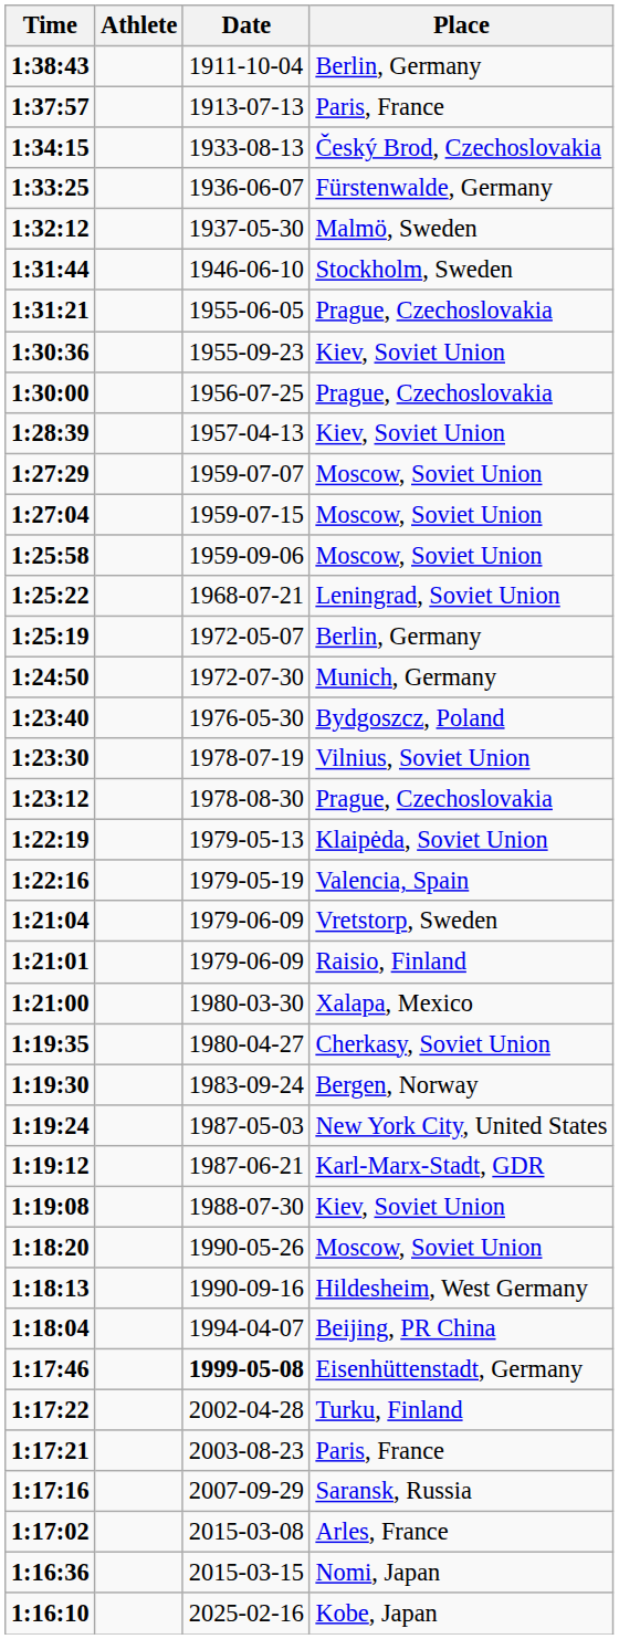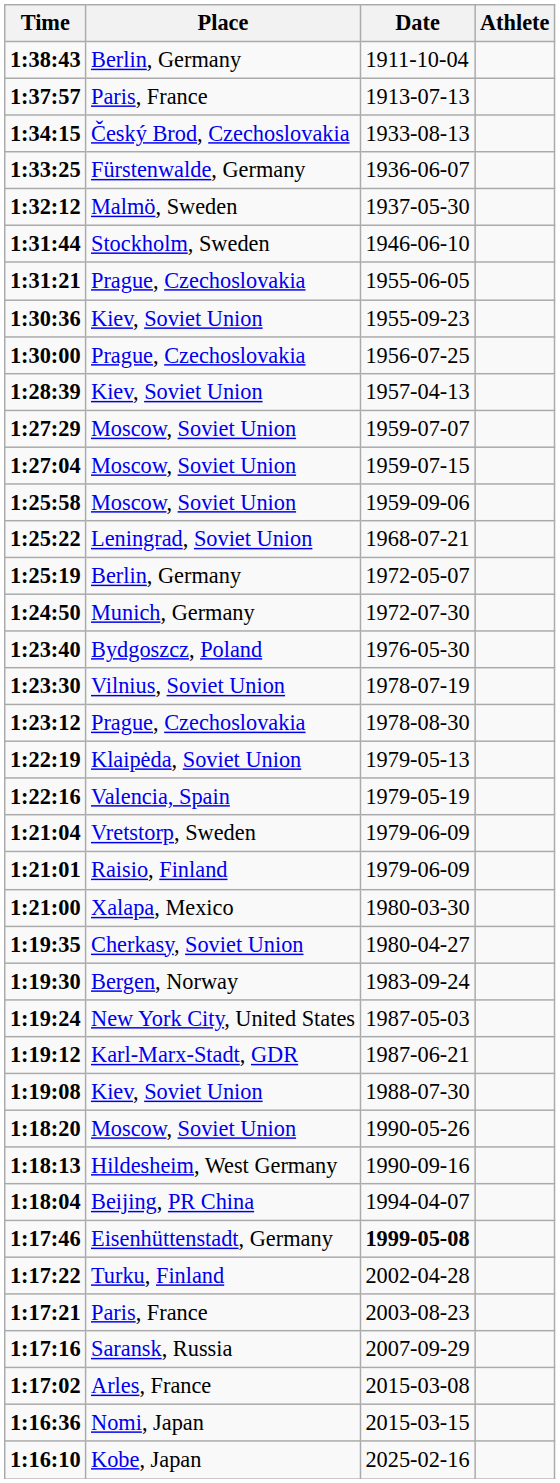 <table class="wikitable sortable" style="font-size:95%">
 <tr>
 <th>Time</th>
+<th>Place</th>
+<th>Date</th>
 <th>Athlete</th>
-<th>Date</th>
-<th>Place</th>
 </tr>
 <tr>
 <td align=center><strong>1:38:43</strong></td>
+<td><a href='#'>Berlin</a>, Germany</td>
+<td>1911-10-04</td>
 <td></td>
-<td>1911-10-04</td>
-<td><a href='#'>Berlin</a>, Germany</td>
 </tr>
 <tr>
 <td align=center><strong>1:37:57</strong></td>
+<td><a href='#'>Paris</a>, France</td>
+<td>1913-07-13</td>
 <td></td>
-<td>1913-07-13</td>
-<td><a href='#'>Paris</a>, France</td>
 </tr>
 <tr>
 <td align=center><strong>1:34:15</strong></td>
+<td><a href='#'>Český Brod</a>, <a href='#'>Czechoslovakia</a></td>
+<td>1933-08-13</td>
 <td></td>
-<td>1933-08-13</td>
-<td><a href='#'>Český Brod</a>, <a href='#'>Czechoslovakia</a></td>
 </tr>
 <tr>
 <td align=center><strong>1:33:25</strong></td>
+<td><a href='#'>Fürstenwalde</a>, Germany</td>
+<td>1936-06-07</td>
 <td></td>
-<td>1936-06-07</td>
-<td><a href='#'>Fürstenwalde</a>, Germany</td>
 </tr>
 <tr>
 <td align=center><strong>1:32:12</strong></td>
+<td><a href='#'>Malmö</a>, Sweden</td>
+<td>1937-05-30</td>
 <td></td>
-<td>1937-05-30</td>
-<td><a href='#'>Malmö</a>, Sweden</td>
 </tr>
 <tr>
 <td align=center><strong>1:31:44</strong></td>
+<td><a href='#'>Stockholm</a>, Sweden</td>
+<td>1946-06-10</td>
 <td></td>
-<td>1946-06-10</td>
-<td><a href='#'>Stockholm</a>, Sweden</td>
 </tr>
 <tr>
 <td align=center><strong>1:31:21</strong></td>
+<td><a href='#'>Prague</a>, <a href='#'>Czechoslovakia</a></td>
+<td>1955-06-05</td>
 <td></td>
-<td>1955-06-05</td>
-<td><a href='#'>Prague</a>, <a href='#'>Czechoslovakia</a></td>
 </tr>
 <tr>
 <td align=center><strong>1:30:36</strong></td>
+<td><a href='#'>Kiev</a>, <a href='#'>Soviet Union</a></td>
+<td>1955-09-23</td>
 <td></td>
-<td>1955-09-23</td>
-<td><a href='#'>Kiev</a>, <a href='#'>Soviet Union</a></td>
 </tr>
 <tr>
 <td align=center><strong>1:30:00</strong></td>
+<td><a href='#'>Prague</a>, <a href='#'>Czechoslovakia</a></td>
+<td>1956-07-25</td>
 <td></td>
-<td>1956-07-25</td>
-<td><a href='#'>Prague</a>, <a href='#'>Czechoslovakia</a></td>
 </tr>
 <tr>
 <td align=center><strong>1:28:39</strong></td>
+<td><a href='#'>Kiev</a>, <a href='#'>Soviet Union</a></td>
+<td>1957-04-13</td>
 <td></td>
-<td>1957-04-13</td>
-<td><a href='#'>Kiev</a>, <a href='#'>Soviet Union</a></td>
 </tr>
 <tr>
 <td align=center><strong>1:27:29</strong></td>
+<td><a href='#'>Moscow</a>, <a href='#'>Soviet Union</a></td>
+<td>1959-07-07</td>
 <td></td>
-<td>1959-07-07</td>
-<td><a href='#'>Moscow</a>, <a href='#'>Soviet Union</a></td>
 </tr>
 <tr>
 <td align=center><strong>1:27:04</strong></td>
+<td><a href='#'>Moscow</a>, <a href='#'>Soviet Union</a></td>
+<td>1959-07-15</td>
 <td></td>
-<td>1959-07-15</td>
-<td><a href='#'>Moscow</a>, <a href='#'>Soviet Union</a></td>
 </tr>
 <tr>
 <td align=center><strong>1:25:58</strong></td>
+<td><a href='#'>Moscow</a>, <a href='#'>Soviet Union</a></td>
+<td>1959-09-06</td>
 <td></td>
-<td>1959-09-06</td>
-<td><a href='#'>Moscow</a>, <a href='#'>Soviet Union</a></td>
 </tr>
 <tr>
 <td align=center><strong>1:25:22</strong></td>
+<td><a href='#'>Leningrad</a>, <a href='#'>Soviet Union</a></td>
+<td>1968-07-21</td>
 <td></td>
-<td>1968-07-21</td>
-<td><a href='#'>Leningrad</a>, <a href='#'>Soviet Union</a></td>
 </tr>
 <tr>
 <td align=center><strong>1:25:19</strong></td>
+<td><a href='#'>Berlin</a>, Germany</td>
+<td>1972-05-07</td>
 <td></td>
-<td>1972-05-07</td>
-<td><a href='#'>Berlin</a>, Germany</td>
 </tr>
 <tr>
 <td align=center><strong>1:24:50</strong></td>
+<td><a href='#'>Munich</a>, Germany</td>
+<td>1972-07-30</td>
 <td></td>
-<td>1972-07-30</td>
-<td><a href='#'>Munich</a>, Germany</td>
 </tr>
 <tr>
 <td align=center><strong>1:23:40</strong></td>
+<td><a href='#'>Bydgoszcz</a>, <a href='#'>Poland</a></td>
+<td>1976-05-30</td>
 <td></td>
-<td>1976-05-30</td>
-<td><a href='#'>Bydgoszcz</a>, <a href='#'>Poland</a></td>
 </tr>
 <tr>
 <td align=center><strong>1:23:30</strong></td>
+<td><a href='#'>Vilnius</a>, <a href='#'>Soviet Union</a></td>
+<td>1978-07-19</td>
 <td></td>
-<td>1978-07-19</td>
-<td><a href='#'>Vilnius</a>, <a href='#'>Soviet Union</a></td>
 </tr>
 <tr>
 <td align=center><strong>1:23:12</strong></td>
+<td><a href='#'>Prague</a>, <a href='#'>Czechoslovakia</a></td>
+<td>1978-08-30</td>
 <td></td>
-<td>1978-08-30</td>
-<td><a href='#'>Prague</a>, <a href='#'>Czechoslovakia</a></td>
 </tr>
 <tr>
 <td align=center><strong>1:22:19</strong></td>
+<td><a href='#'>Klaipėda</a>, <a href='#'>Soviet Union</a></td>
+<td>1979-05-13</td>
 <td></td>
-<td>1979-05-13</td>
-<td><a href='#'>Klaipėda</a>, <a href='#'>Soviet Union</a></td>
 </tr>
 <tr>
 <td align=center><strong>1:22:16</strong></td>
+<td><a href='#'>Valencia, Spain</a></td>
+<td>1979-05-19</td>
 <td></td>
-<td>1979-05-19</td>
-<td><a href='#'>Valencia, Spain</a></td>
 </tr>
 <tr>
 <td align=center><strong>1:21:04</strong></td>
+<td><a href='#'>Vretstorp</a>, Sweden</td>
+<td>1979-06-09</td>
 <td></td>
-<td>1979-06-09</td>
-<td><a href='#'>Vretstorp</a>, Sweden</td>
 </tr>
 <tr>
 <td align=center><strong>1:21:01</strong></td>
+<td><a href='#'>Raisio</a>, <a href='#'>Finland</a></td>
+<td>1979-06-09</td>
 <td></td>
-<td>1979-06-09</td>
-<td><a href='#'>Raisio</a>, <a href='#'>Finland</a></td>
 </tr>
 <tr>
 <td align=center><strong>1:21:00</strong></td>
+<td><a href='#'>Xalapa</a>, Mexico</td>
+<td>1980-03-30</td>
 <td></td>
-<td>1980-03-30</td>
-<td><a href='#'>Xalapa</a>, Mexico</td>
 </tr>
 <tr>
 <td align=center><strong>1:19:35</strong></td>
+<td><a href='#'>Cherkasy</a>, <a href='#'>Soviet Union</a></td>
+<td>1980-04-27</td>
 <td></td>
-<td>1980-04-27</td>
-<td><a href='#'>Cherkasy</a>, <a href='#'>Soviet Union</a></td>
 </tr>
 <tr>
 <td align=center><strong>1:19:30</strong></td>
+<td><a href='#'>Bergen</a>, Norway</td>
+<td>1983-09-24</td>
 <td></td>
-<td>1983-09-24</td>
-<td><a href='#'>Bergen</a>, Norway</td>
 </tr>
 <tr>
 <td align=center><strong>1:19:24</strong></td>
+<td><a href='#'>New York City</a>, United States</td>
+<td>1987-05-03</td>
 <td></td>
-<td>1987-05-03</td>
-<td><a href='#'>New York City</a>, United States</td>
 </tr>
 <tr>
 <td align=center><strong>1:19:12</strong></td>
+<td><a href='#'>Karl-Marx-Stadt</a>, <a href='#'>GDR</a></td>
+<td>1987-06-21</td>
 <td></td>
-<td>1987-06-21</td>
-<td><a href='#'>Karl-Marx-Stadt</a>, <a href='#'>GDR</a></td>
 </tr>
 <tr>
 <td align=center><strong>1:19:08</strong></td>
+<td><a href='#'>Kiev</a>, <a href='#'>Soviet Union</a></td>
+<td>1988-07-30</td>
 <td></td>
-<td>1988-07-30</td>
-<td><a href='#'>Kiev</a>, <a href='#'>Soviet Union</a></td>
 </tr>
 <tr>
 <td align=center><strong>1:18:20</strong></td>
+<td><a href='#'>Moscow</a>, <a href='#'>Soviet Union</a></td>
+<td>1990-05-26</td>
 <td></td>
-<td>1990-05-26</td>
-<td><a href='#'>Moscow</a>, <a href='#'>Soviet Union</a></td>
 </tr>
 <tr>
 <td align=center><strong>1:18:13</strong></td>
+<td><a href='#'>Hildesheim</a>, West Germany</td>
+<td>1990-09-16</td>
 <td></td>
-<td>1990-09-16</td>
-<td><a href='#'>Hildesheim</a>, West Germany</td>
 </tr>
 <tr>
 <td align=center><strong>1:18:04</strong></td>
+<td><a href='#'>Beijing</a>, <a href='#'>PR China</a></td>
+<td>1994-04-07</td>
 <td></td>
-<td>1994-04-07</td>
-<td><a href='#'>Beijing</a>, <a href='#'>PR China</a></td>
 </tr>
 <tr>
 <td align=center><strong>1:17:46 </strong></td>
+<td><a href='#'>Eisenhüttenstadt</a>, Germany</td>
+<td><strong>1999-05-08</strong></td>
 <td></td>
-<td><strong>1999-05-08</strong></td>
-<td><a href='#'>Eisenhüttenstadt</a>, Germany</td>
 </tr>
 <tr>
 <td align=center><strong>1:17:22</strong></td>
+<td><a href='#'>Turku</a>, <a href='#'>Finland</a></td>
+<td>2002-04-28</td>
 <td></td>
-<td>2002-04-28</td>
-<td><a href='#'>Turku</a>, <a href='#'>Finland</a></td>
 </tr>
 <tr>
 <td align=center><strong>1:17:21</strong></td>
+<td><a href='#'>Paris</a>, France</td>
+<td>2003-08-23</td>
 <td></td>
-<td>2003-08-23</td>
-<td><a href='#'>Paris</a>, France</td>
 </tr>
 <tr>
 <td align=center><strong>1:17:16</strong></td>
+<td><a href='#'>Saransk</a>, Russia</td>
+<td>2007-09-29</td>
 <td></td>
-<td>2007-09-29</td>
-<td><a href='#'>Saransk</a>, Russia</td>
 </tr>
 <tr>
 <td align=center><strong>1:17:02</strong></td>
+<td><a href='#'>Arles</a>, France</td>
+<td>2015-03-08</td>
 <td></td>
-<td>2015-03-08</td>
-<td><a href='#'>Arles</a>, France</td>
 </tr>
 <tr>
 <td align=center><strong>1:16:36</strong></td>
+<td><a href='#'>Nomi</a>, Japan</td>
+<td>2015-03-15</td>
 <td></td>
-<td>2015-03-15</td>
-<td><a href='#'>Nomi</a>, Japan</td>
 </tr>
 <tr>
 <td align=center><strong>1:16:10</strong></td>
+<td><a href='#'>Kobe</a>, Japan</td>
+<td>2025-02-16</td>
 <td></td>
-<td>2025-02-16</td>
-<td><a href='#'>Kobe</a>, Japan</td>
 </tr>
 </table>
